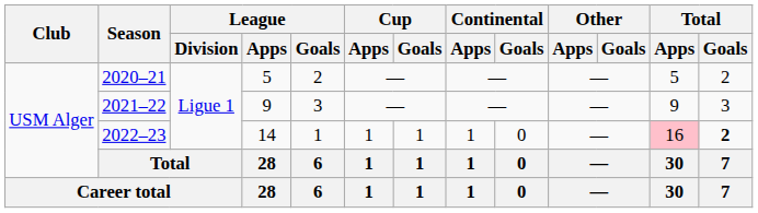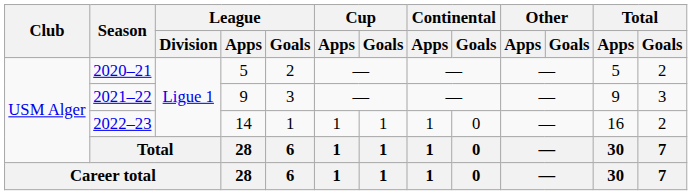 <table class="wikitable" style="text-align: center">
 <tr>
 <th rowspan="2">Club</th>
 <th rowspan="2">Season</th>
 <th colspan="3">League</th>
 <th colspan="2">Cup</th>
 <th colspan="2">Continental</th>
 <th colspan="2">Other</th>
 <th colspan="2">Total</th>
 </tr>
 <tr>
 <th>Division</th>
 <th>Apps</th>
 <th>Goals</th>
 <th>Apps</th>
 <th>Goals</th>
 <th>Apps</th>
 <th>Goals</th>
 <th>Apps</th>
 <th>Goals</th>
 <th>Apps</th>
 <th>Goals</th>
 </tr>
 <tr>
 <td rowspan="4" valign="center"><a href='#'>USM Alger</a></td>
 <td><a href='#'>2020–21</a></td>
 <td rowspan=3><a href='#'>Ligue 1</a></td>
 <td>5</td>
 <td>2</td>
 <td colspan=2>—</td>
 <td colspan=2>—</td>
 <td colspan=2>—</td>
 <td>5</td>
 <td>2</td>
 </tr>
 <tr>
 <td><a href='#'>2021–22</a></td>
 <td>9</td>
 <td>3</td>
 <td colspan=2>—</td>
 <td colspan=2>—</td>
 <td colspan=2>—</td>
 <td>9</td>
 <td>3</td>
 </tr>
 <tr>
 <td><a href='#'>2022–23</a></td>
 <td>14</td>
 <td>1</td>
 <td>1</td>
 <td>1</td>
 <td>1</td>
 <td>0</td>
 <td colspan=2>—</td>
-<td style="background: pink;">16</td>
-<td><strong>2</strong></td>
+<td>16</td>
+<td>2</td>
 </tr>
 <tr>
 <th colspan="2">Total</th>
 <th>28</th>
 <th>6</th>
 <th>1</th>
 <th>1</th>
 <th>1</th>
 <th>0</th>
 <th colspan=2>—</th>
 <th>30</th>
 <th>7</th>
 </tr>
 <tr>
 <th colspan="3">Career total</th>
 <th>28</th>
 <th>6</th>
 <th>1</th>
 <th>1</th>
 <th>1</th>
 <th>0</th>
 <th colspan=2>—</th>
 <th>30</th>
 <th>7</th>
 </tr>
 </table>
